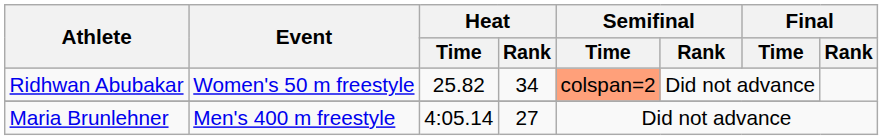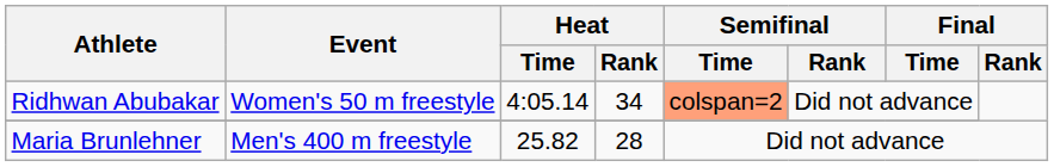 <table class=wikitable style="font-size:90%">
 <tr>
 <th rowspan="2">Athlete</th>
 <th rowspan="2">Event</th>
 <th colspan="2">Heat</th>
 <th colspan="2">Semifinal</th>
 <th colspan="2">Final</th>
 </tr>
 <tr style="font-size:95%">
 <th>Time</th>
 <th>Rank</th>
 <th>Time</th>
 <th>Rank</th>
 <th>Time</th>
 <th>Rank</th>
 </tr>
 <tr align=center>
 <td align=left><a href='#'>Ridhwan Abubakar</a></td>
 <td align=left><a href='#'>Women's 50 m freestyle</a></td>
-<td>25.82</td>
+<td>4:05.14</td>
 <td>34</td>
 <td style="background: lightsalmon;">colspan=2 </td>
 <td colspan=2>Did not advance</td>
 </tr>
 <tr>
 </tr>
 <tr align=center>
 <td align=left><a href='#'>Maria Brunlehner</a></td>
 <td align=left><a href='#'>Men's 400 m freestyle</a></td>
-<td>4:05.14</td>
-<td>27</td>
+<td>25.82</td>
+<td>28</td>
 <td colspan=4>Did not advance</td>
 </tr>
 </table>
